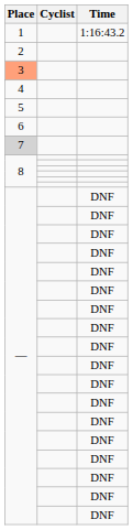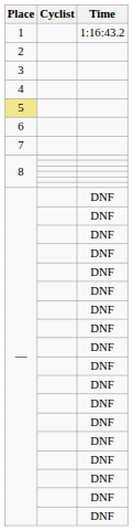 <table class=wikitable style="text-align:center">
 <tr>
 <th>Place</th>
 <th>Cyclist</th>
 <th>Time</th>
 </tr>
 <tr>
 <td>1</td>
 <td align=left></td>
 <td>1:16:43.2</td>
 </tr>
 <tr>
 <td>2</td>
 <td align=left></td>
 <td></td>
 </tr>
 <tr>
-<td style="background: lightsalmon;">3</td>
+<td>3</td>
 <td align=left></td>
 <td></td>
 </tr>
 <tr>
 <td>4</td>
 <td align=left></td>
 <td></td>
 </tr>
 <tr>
-<td>5</td>
+<td style="background: khaki;">5</td>
 <td align=left></td>
 <td></td>
 </tr>
 <tr>
 <td>6</td>
 <td align=left></td>
 <td></td>
 </tr>
 <tr>
-<td style="background: lightgrey;">7</td>
+<td>7</td>
 <td align=left></td>
 <td></td>
 </tr>
 <tr>
 <td rowspan=6>8</td>
 <td align=left></td>
 <td></td>
 </tr>
 <tr>
 <td align=left></td>
 <td></td>
 </tr>
 <tr>
 <td align=left></td>
 <td></td>
 </tr>
 <tr>
 <td align=left></td>
 <td></td>
 </tr>
 <tr>
 <td align=left></td>
 <td></td>
 </tr>
 <tr>
 <td align=left></td>
 <td></td>
 </tr>
 <tr>
 <td rowspan=18>—</td>
 <td align=left></td>
 <td>DNF</td>
 </tr>
 <tr>
 <td align=left></td>
 <td>DNF</td>
 </tr>
 <tr>
 <td align=left></td>
 <td>DNF</td>
 </tr>
 <tr>
 <td align=left></td>
 <td>DNF</td>
 </tr>
 <tr>
 <td align=left></td>
 <td>DNF</td>
 </tr>
 <tr>
 <td align=left></td>
 <td>DNF</td>
 </tr>
 <tr>
 <td align=left></td>
 <td>DNF</td>
 </tr>
 <tr>
 <td align=left></td>
 <td>DNF</td>
 </tr>
 <tr>
 <td align=left></td>
 <td>DNF</td>
 </tr>
 <tr>
 <td align=left></td>
 <td>DNF</td>
 </tr>
 <tr>
 <td align=left></td>
 <td>DNF</td>
 </tr>
 <tr>
 <td align=left></td>
 <td>DNF</td>
 </tr>
 <tr>
 <td align=left></td>
 <td>DNF</td>
 </tr>
 <tr>
 <td align=left></td>
 <td>DNF</td>
 </tr>
 <tr>
 <td align=left></td>
 <td>DNF</td>
 </tr>
 <tr>
 <td align=left></td>
 <td>DNF</td>
 </tr>
 <tr>
 <td align=left></td>
 <td>DNF</td>
 </tr>
 <tr>
 <td align=left></td>
 <td>DNF</td>
 </tr>
 </table>
